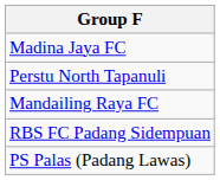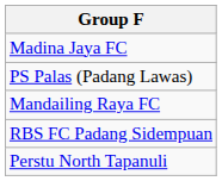 <table class="wikitable">
 <tr>
 <th><strong>Group F</strong></th>
 </tr>
 <tr>
 <td><a href='#'>Madina Jaya FC</a></td>
 </tr>
 <tr>
-<td><a href='#'>Perstu North Tapanuli</a></td>
+<td><a href='#'>PS Palas</a> (Padang Lawas)</td>
 </tr>
 <tr>
 <td><a href='#'>Mandailing Raya FC</a></td>
 </tr>
 <tr>
 <td><a href='#'>RBS FC Padang Sidempuan</a></td>
 </tr>
 <tr>
-<td><a href='#'>PS Palas</a> (Padang Lawas)</td>
+<td><a href='#'>Perstu North Tapanuli</a></td>
 </tr>
 </table>
